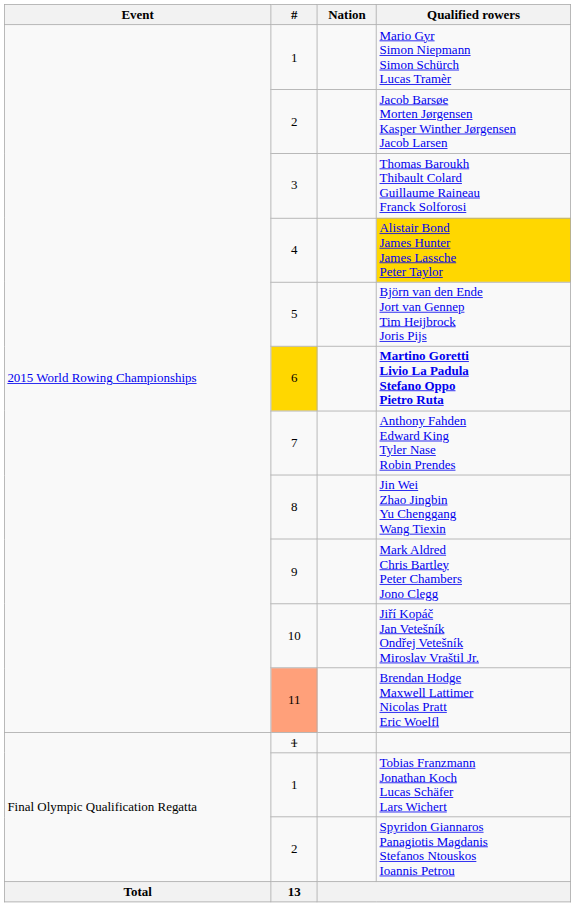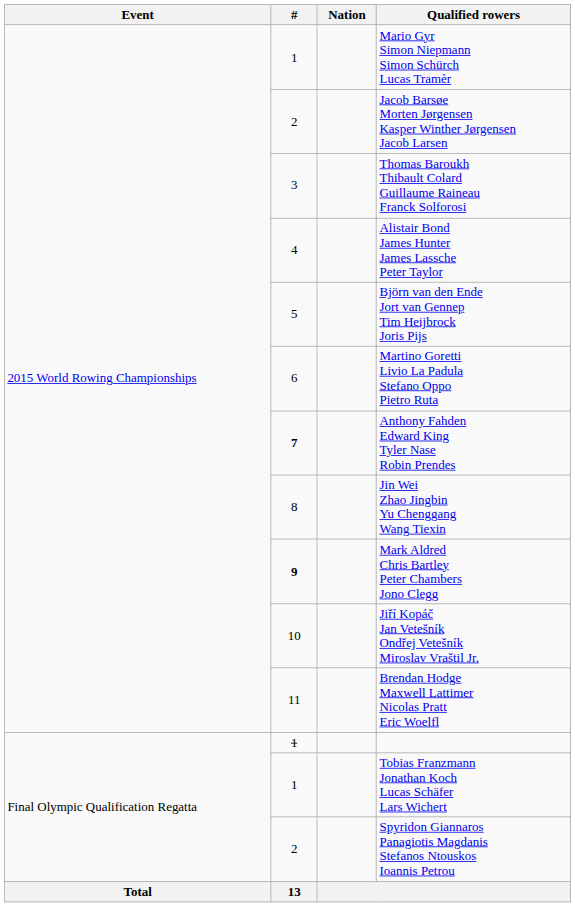 <table class="wikitable"  style="width:700px; text-align:center;">
 <tr>
 <th>Event</th>
 <th width=50>#</th>
 <th>Nation</th>
 <th>Qualified rowers</th>
 </tr>
 <tr>
 <td rowspan=11 align=left><a href='#'>2015 World Rowing Championships</a></td>
 <td>1</td>
 <td align=left></td>
 <td align=left><a href='#'>Mario Gyr</a><br><a href='#'>Simon Niepmann</a><br><a href='#'>Simon Schürch</a><br><a href='#'>Lucas Tramèr</a></td>
 </tr>
 <tr>
 <td>2</td>
 <td align=left></td>
 <td align=left><a href='#'>Jacob Barsøe</a><br><a href='#'>Morten Jørgensen</a><br><a href='#'>Kasper Winther Jørgensen</a><br><a href='#'>Jacob Larsen</a></td>
 </tr>
 <tr>
 <td>3</td>
 <td align=left></td>
 <td align=left><a href='#'>Thomas Baroukh</a><br><a href='#'>Thibault Colard</a><br><a href='#'>Guillaume Raineau</a><br><a href='#'>Franck Solforosi</a></td>
 </tr>
 <tr>
 <td>4</td>
 <td align=left></td>
-<td align=left style="background: gold;"><a href='#'>Alistair Bond</a><br><a href='#'>James Hunter</a><br><a href='#'>James Lassche</a><br><a href='#'>Peter Taylor</a></td>
+<td align=left><a href='#'>Alistair Bond</a><br><a href='#'>James Hunter</a><br><a href='#'>James Lassche</a><br><a href='#'>Peter Taylor</a></td>
 </tr>
 <tr>
 <td>5</td>
 <td align=left></td>
 <td align=left><a href='#'>Björn van den Ende</a><br><a href='#'>Jort van Gennep</a><br><a href='#'>Tim Heijbrock</a><br><a href='#'>Joris Pijs</a></td>
 </tr>
 <tr>
-<td style="background: gold;">6</td>
+<td>6</td>
 <td align=left></td>
-<td align=left><strong><a href='#'>Martino Goretti</a><br><a href='#'>Livio La Padula</a><br><a href='#'>Stefano Oppo</a><br><a href='#'>Pietro Ruta</a></strong></td>
+<td align=left><a href='#'>Martino Goretti</a><br><a href='#'>Livio La Padula</a><br><a href='#'>Stefano Oppo</a><br><a href='#'>Pietro Ruta</a></td>
 </tr>
 <tr>
-<td>7</td>
+<td><strong>7</strong></td>
 <td align=left></td>
 <td align=left><a href='#'>Anthony Fahden</a><br><a href='#'>Edward King</a><br><a href='#'>Tyler Nase</a><br><a href='#'>Robin Prendes</a></td>
 </tr>
 <tr>
 <td>8</td>
 <td align=left></td>
 <td align=left><a href='#'>Jin Wei</a><br><a href='#'>Zhao Jingbin</a><br><a href='#'>Yu Chenggang</a><br><a href='#'>Wang Tiexin</a></td>
 </tr>
 <tr>
-<td>9</td>
+<td><strong>9</strong></td>
 <td align=left></td>
 <td align=left><a href='#'>Mark Aldred</a><br><a href='#'>Chris Bartley</a><br><a href='#'>Peter Chambers</a><br><a href='#'>Jono Clegg</a></td>
 </tr>
 <tr>
 <td>10</td>
 <td align=left></td>
 <td align=left><a href='#'>Jiří Kopáč</a><br><a href='#'>Jan Vetešník</a><br><a href='#'>Ondřej Vetešník</a><br><a href='#'>Miroslav Vraštil Jr.</a></td>
 </tr>
 <tr>
-<td style="background: lightsalmon;">11</td>
+<td>11</td>
 <td align=left></td>
 <td align=left><a href='#'>Brendan Hodge</a><br><a href='#'>Maxwell Lattimer</a><br><a href='#'>Nicolas Pratt</a><br><a href='#'>Eric Woelfl</a></td>
 </tr>
 <tr>
 <td rowspan=3 align=left>Final Olympic Qualification Regatta</td>
 <td><s>1</s></td>
 <td align=left><s></s></td>
 <td align=left></td>
 </tr>
 <tr>
 <td>1</td>
 <td align=left></td>
 <td align=left><a href='#'>Tobias Franzmann</a><br><a href='#'>Jonathan Koch</a><br><a href='#'>Lucas Schäfer</a><br><a href='#'>Lars Wichert</a></td>
 </tr>
 <tr>
 <td>2</td>
 <td align=left></td>
 <td align=left><a href='#'>Spyridon Giannaros</a><br><a href='#'>Panagiotis Magdanis</a><br><a href='#'>Stefanos Ntouskos</a><br><a href='#'>Ioannis Petrou</a></td>
 </tr>
 <tr>
 <th>Total</th>
 <th>13</th>
 <th colspan=2></th>
 </tr>
 </table>
